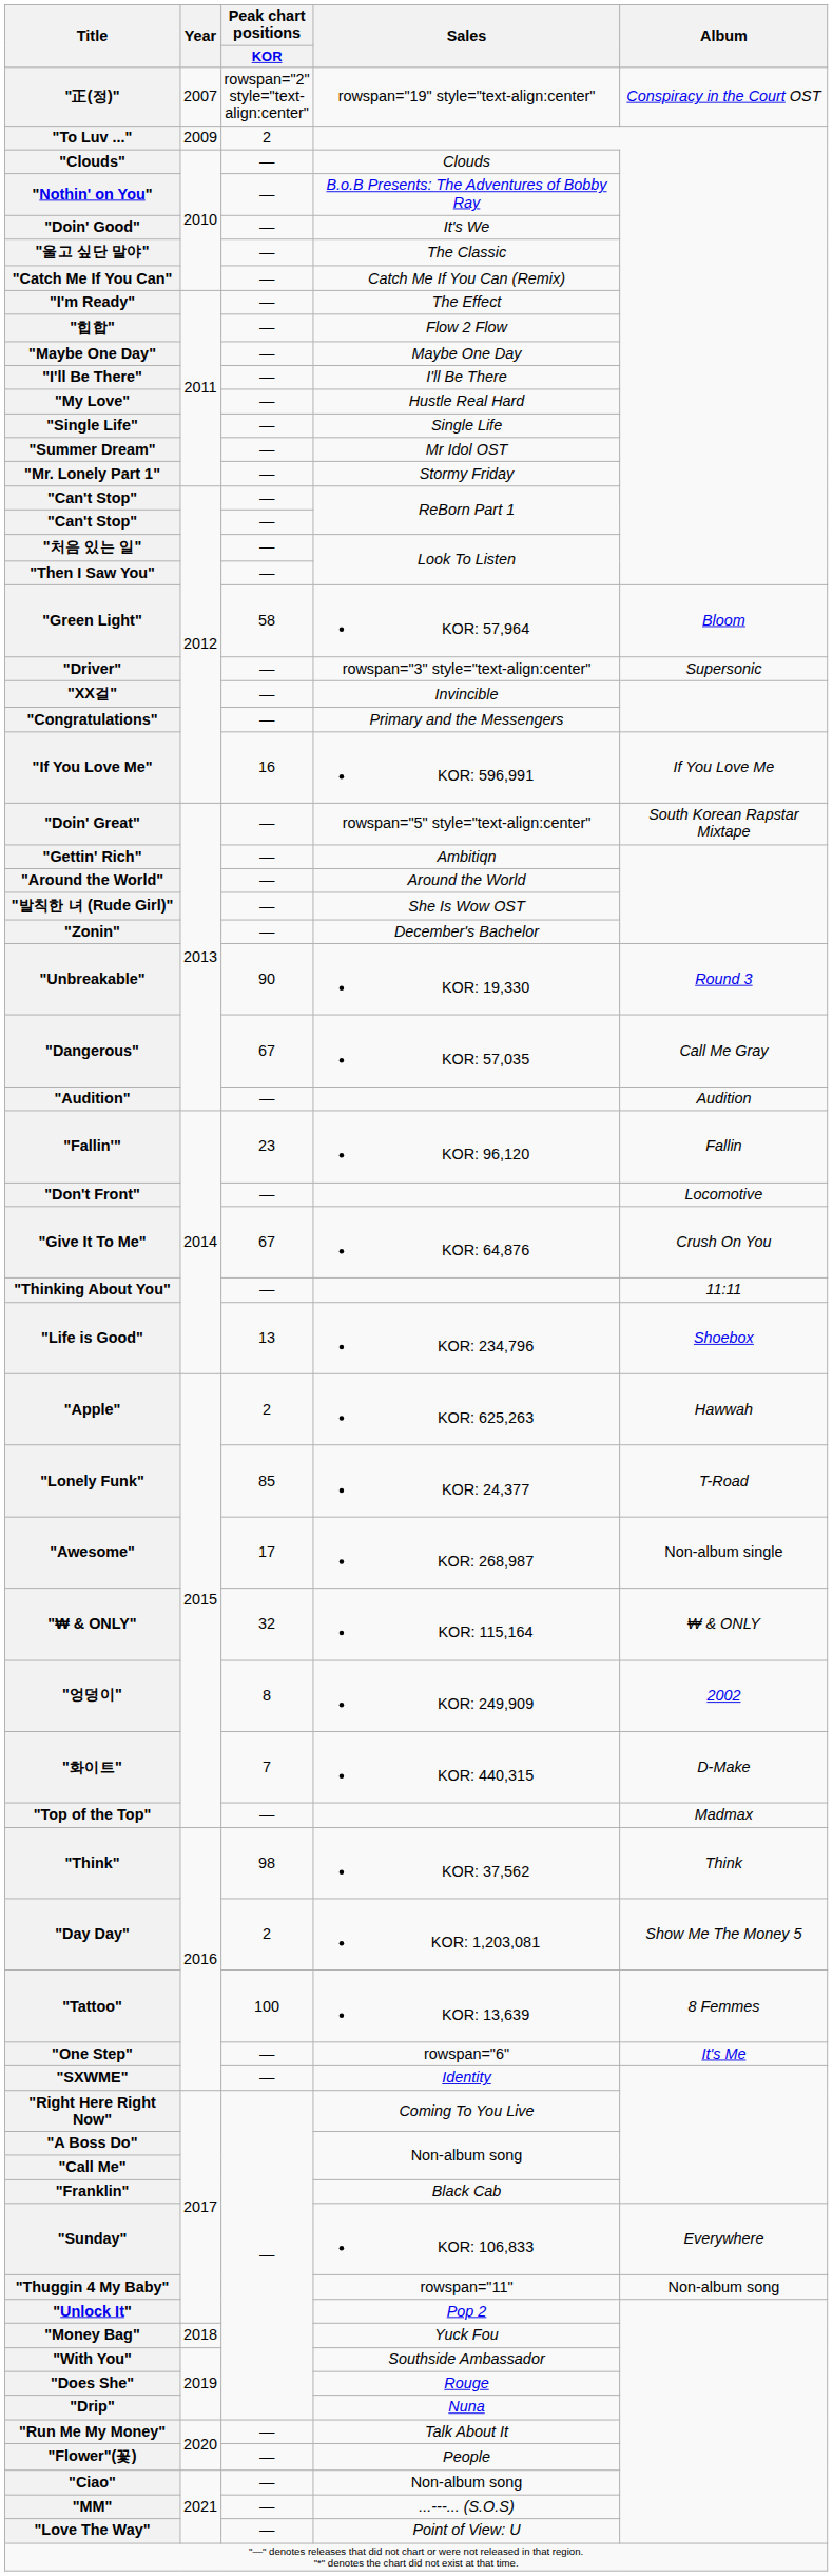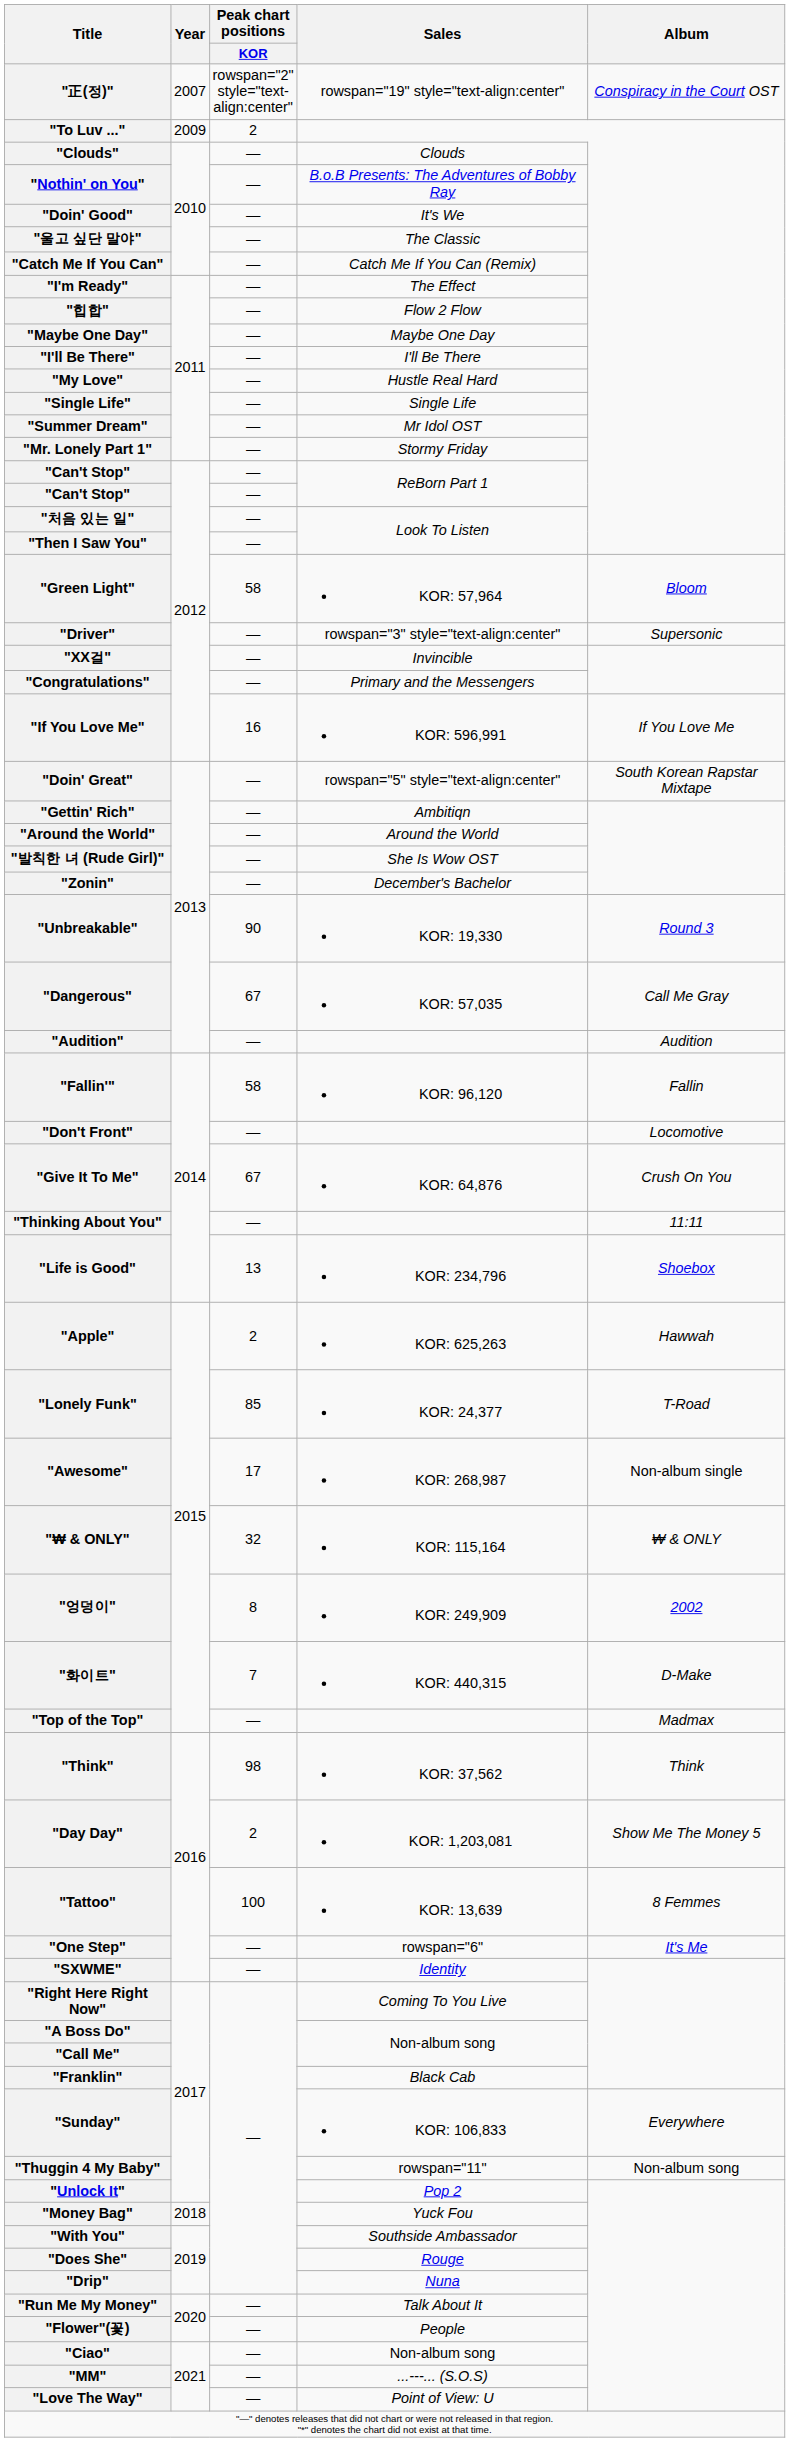 <table class="wikitable plainrowheaders" style="text-align:center" border="1">
 <tr>
 <th rowspan="2">Title</th>
 <th rowspan="2">Year</th>
 <th colspan="1">Peak chart positions</th>
 <th rowspan="2">Sales</th>
 <th rowspan="2">Album</th>
 </tr>
 <tr>
 <th scope="col" style="width:3em;font-size:90%"><a href='#'>KOR</a><br></th>
 </tr>
 <tr>
 <th scope="row">"正(정)" </th>
 <td>2007</td>
 <td>rowspan="2" style="text-align:center" </td>
 <td>rowspan="19" style="text-align:center" </td>
 <td><em><a href='#'>Conspiracy in the Court</a> OST</em></td>
 </tr>
 <tr>
 <th scope="row">"To Luv ..." </th>
 <td>2009</td>
 <td>2</td>
 </tr>
 <tr>
 <th scope="row">"Clouds" </th>
 <td rowspan="5">2010</td>
 <td>—</td>
 <td><em>Clouds</em></td>
 </tr>
 <tr>
 <th scope="row">"<a href='#'>Nothin' on You</a>" </th>
 <td>—</td>
 <td><em><a href='#'>B.o.B Presents: The Adventures of Bobby Ray</a></em></td>
 </tr>
 <tr>
 <th scope="row">"Doin' Good"  </th>
 <td>—</td>
 <td><em>It's We</em> </td>
 </tr>
 <tr>
 <th scope="row">"울고 싶단 말야"  </th>
 <td>—</td>
 <td><em>The Classic</em></td>
 </tr>
 <tr>
 <th scope="row">"Catch Me If You Can" <br></th>
 <td>—</td>
 <td><em>Catch Me If You Can (Remix)</em></td>
 </tr>
 <tr>
 <th scope="row">"I'm Ready" </th>
 <td rowspan="8">2011</td>
 <td>—</td>
 <td><em>The Effect</em></td>
 </tr>
 <tr>
 <th scope="row">"힙합"  </th>
 <td>—</td>
 <td><em>Flow 2 Flow</em> </td>
 </tr>
 <tr>
 <th scope="row">"Maybe One Day" </th>
 <td>—</td>
 <td><em>Maybe One Day</em></td>
 </tr>
 <tr>
 <th scope="row">"I'll Be There" </th>
 <td>—</td>
 <td><em>I'll Be There</em></td>
 </tr>
 <tr>
 <th scope="row">"My Love" </th>
 <td>—</td>
 <td><em>Hustle Real Hard</em></td>
 </tr>
 <tr>
 <th scope="row">"Single Life" </th>
 <td>—</td>
 <td><em>Single Life</em></td>
 </tr>
 <tr>
 <th scope="row">"Summer Dream" </th>
 <td>—</td>
 <td><em>Mr Idol OST</em></td>
 </tr>
 <tr>
 <th scope="row">"Mr. Lonely Part 1" </th>
 <td>—</td>
 <td><em>Stormy Friday</em></td>
 </tr>
 <tr>
 <th scope="row">"Can't Stop" </th>
 <td rowspan="9">2012</td>
 <td>—</td>
 <td rowspan="2"><em>ReBorn Part 1</em></td>
 </tr>
 <tr>
 <th scope="row">"Can't Stop"  </th>
 <td>—</td>
 </tr>
 <tr>
 <th scope="row">"처음 있는 일"  </th>
 <td>—</td>
 <td rowspan="2"><em>Look To Listen</em></td>
 </tr>
 <tr>
 <th scope="row">"Then I Saw You" </th>
 <td>—</td>
 </tr>
 <tr>
 <th scope="row">"Green Light" </th>
 <td>58</td>
 <td><br><ul><li>KOR: 57,964</li></ul></td>
 <td><em><a href='#'>Bloom</a></em></td>
 </tr>
 <tr>
 <th scope="row">"Driver" </th>
 <td>—</td>
 <td>rowspan="3" style="text-align:center" </td>
 <td><em>Supersonic</em></td>
 </tr>
 <tr>
 <th scope="row">"XX걸"  </th>
 <td>—</td>
 <td><em>Invincible</em></td>
 </tr>
 <tr>
 <th scope="row">"Congratulations" </th>
 <td>—</td>
 <td><em>Primary and the Messengers</em></td>
 </tr>
 <tr>
 <th scope="row">"If You Love Me" </th>
 <td>16</td>
 <td><br><ul><li>KOR: 596,991</li></ul></td>
 <td><em>If You Love Me</em></td>
 </tr>
 <tr>
 <th scope="row">"Doin' Great" </th>
 <td rowspan="8">2013</td>
 <td>—</td>
 <td>rowspan="5" style="text-align:center" </td>
 <td><em>South Korean Rapstar Mixtape</em></td>
 </tr>
 <tr>
 <th scope="row">"Gettin' Rich"  </th>
 <td>—</td>
 <td><em>Ambitiqn</em></td>
 </tr>
 <tr>
 <th scope="row">"Around the World" </th>
 <td>—</td>
 <td><em>Around the World</em></td>
 </tr>
 <tr>
 <th scope="row">"발칙한 녀 (Rude Girl)" </th>
 <td>—</td>
 <td><em>She Is Wow OST</em></td>
 </tr>
 <tr>
 <th scope="row">"Zonin" </th>
 <td>—</td>
 <td><em>December's Bachelor</em></td>
 </tr>
 <tr>
 <th scope="row">"Unbreakable" </th>
 <td>90</td>
 <td><br><ul><li>KOR: 19,330</li></ul></td>
 <td><em><a href='#'>Round 3</a></em></td>
 </tr>
 <tr>
 <th scope="row">"Dangerous" </th>
 <td>67</td>
 <td><br><ul><li>KOR: 57,035</li></ul></td>
 <td><em>Call Me Gray</em></td>
 </tr>
 <tr>
 <th scope="row">"Audition" </th>
 <td>—</td>
 <td></td>
 <td><em>Audition</em></td>
 </tr>
 <tr>
 <th scope="row">"Fallin'" </th>
 <td rowspan="5">2014</td>
-<td>23</td>
+<td>58</td>
 <td><br><ul><li>KOR: 96,120</li></ul></td>
 <td><em>Fallin</em></td>
 </tr>
 <tr>
 <th scope="row">"Don't Front" </th>
 <td>—</td>
 <td></td>
 <td><em>Locomotive</em></td>
 </tr>
 <tr>
 <th scope="row">"Give It To Me" </th>
 <td>67</td>
 <td><br><ul><li>KOR: 64,876</li></ul></td>
 <td><em>Crush On You</em></td>
 </tr>
 <tr>
 <th scope="row">"Thinking About You" </th>
 <td>—</td>
 <td></td>
 <td><em>11:11</em></td>
 </tr>
 <tr>
 <th scope="row">"Life is Good" </th>
 <td>13</td>
 <td><br><ul><li>KOR: 234,796</li></ul></td>
 <td><em><a href='#'>Shoebox</a></em></td>
 </tr>
 <tr>
 <th scope="row">"Apple" </th>
 <td rowspan="7">2015</td>
 <td>2</td>
 <td><br><ul><li>KOR: 625,263</li></ul></td>
 <td><em>Hawwah</em></td>
 </tr>
 <tr>
 <th scope="row">"Lonely Funk" </th>
 <td>85</td>
 <td><br><ul><li>KOR: 24,377</li></ul></td>
 <td><em>T-Road</em></td>
 </tr>
 <tr>
 <th scope="row">"Awesome" </th>
 <td>17</td>
 <td><br><ul><li>KOR: 268,987</li></ul></td>
 <td>Non-album single</td>
 </tr>
 <tr>
 <th scope="row">"₩ & ONLY" </th>
 <td>32</td>
 <td><br><ul><li>KOR: 115,164</li></ul></td>
 <td><em>₩ & ONLY </em></td>
 </tr>
 <tr>
 <th scope="row">"엉덩이"  </th>
 <td>8</td>
 <td><br><ul><li>KOR: 249,909</li></ul></td>
 <td><em><a href='#'>2002</a></em></td>
 </tr>
 <tr>
 <th scope="row">"화이트"  </th>
 <td>7</td>
 <td><br><ul><li>KOR: 440,315</li></ul></td>
 <td><em>D-Make</em></td>
 </tr>
 <tr>
 <th scope="row">"Top of the Top" </th>
 <td>—</td>
 <td></td>
 <td><em>Madmax</em></td>
 </tr>
 <tr>
 <th scope="row">"Think" </th>
 <td rowspan="5">2016</td>
 <td>98</td>
 <td><br><ul><li>KOR: 37,562</li></ul></td>
 <td><em>Think</em></td>
 </tr>
 <tr>
 <th scope="row">"Day Day" </th>
 <td>2</td>
 <td><br><ul><li>KOR: 1,203,081</li></ul></td>
 <td><em>Show Me The Money 5</em></td>
 </tr>
 <tr>
 <th scope="row">"Tattoo" </th>
 <td>100</td>
 <td><br><ul><li>KOR: 13,639</li></ul></td>
 <td><em>8 Femmes</em></td>
 </tr>
 <tr>
 <th scope="row">"One Step" </th>
 <td>—</td>
 <td>rowspan="6" </td>
 <td><em><a href='#'>It's Me</a></em></td>
 </tr>
 <tr>
 <th scope="row">"SXWME" </th>
 <td>—</td>
 <td><a href='#'><em>Identity</em></a></td>
 </tr>
 <tr>
 <th scope="row">"Right Here Right Now" </th>
 <td rowspan="7">2017</td>
 <td rowspan="11">—</td>
 <td><em>Coming To You Live</em></td>
 </tr>
 <tr>
 <th scope="row">"A Boss Do"</th>
 <td rowspan="2">Non-album song</td>
 </tr>
 <tr>
 <th scope="row">"Call Me" </th>
 </tr>
 <tr>
 <th scope="row">"Franklin" </th>
 <td><em>Black Cab</em></td>
 </tr>
 <tr>
 <th scope="row">"Sunday" </th>
 <td><br><ul><li>KOR: 106,833</li></ul></td>
 <td><em>Everywhere</em></td>
 </tr>
 <tr>
 <th scope="row">"Thuggin 4 My Baby" </th>
 <td>rowspan="11"</td>
 <td>Non-album song</td>
 </tr>
 <tr>
 <th scope="row">"<a href='#'>Unlock It</a>" </th>
 <td><em><a href='#'>Pop 2</a></em></td>
 </tr>
 <tr>
 <th scope="row">"Money Bag" </th>
 <td>2018</td>
 <td><em>Yuck Fou</em></td>
 </tr>
 <tr>
 <th scope="row">"With You" </th>
 <td rowspan="3">2019</td>
 <td><em>Southside Ambassador</em></td>
 </tr>
 <tr>
 <th scope="row">"Does She" </th>
 <td><em><a href='#'>Rouge</a></em></td>
 </tr>
 <tr>
 <th scope="row">"Drip"</th>
 <td><em><a href='#'>Nuna</a></em></td>
 </tr>
 <tr>
 <th scope="row">"Run Me My Money" </th>
 <td rowspan="2">2020</td>
 <td>—</td>
 <td><em>Talk About It</em></td>
 </tr>
 <tr>
 <th scope="row">"Flower"(꽃)</th>
 <td>—</td>
 <td><em>People</em></td>
 </tr>
 <tr>
 <th scope="row">"Ciao" </th>
 <td rowspan="3">2021</td>
 <td>—</td>
 <td>Non-album song</td>
 </tr>
 <tr>
 <th scope="row">"MM"</th>
 <td>—</td>
 <td><em>...---... (S.O.S)</em></td>
 </tr>
 <tr>
 <th scope="row">"Love The Way"</th>
 <td>—</td>
 <td><em>Point of View: U</em></td>
 </tr>
 <tr>
 <td colspan="5" style="font-size:8pt">"—" denotes releases that did not chart or were not released in that region.<br> "*" denotes the chart did not exist at that time.<br></td>
 </tr>
 </table>
